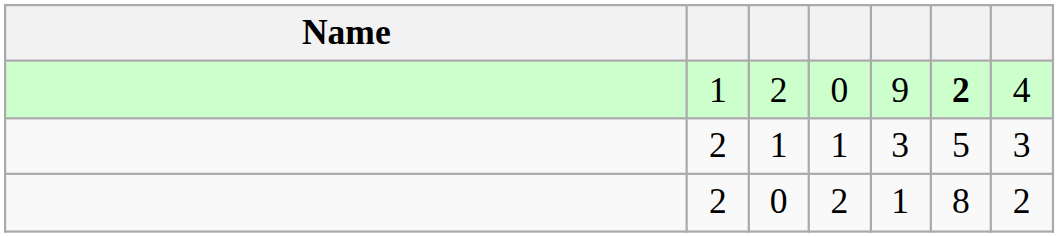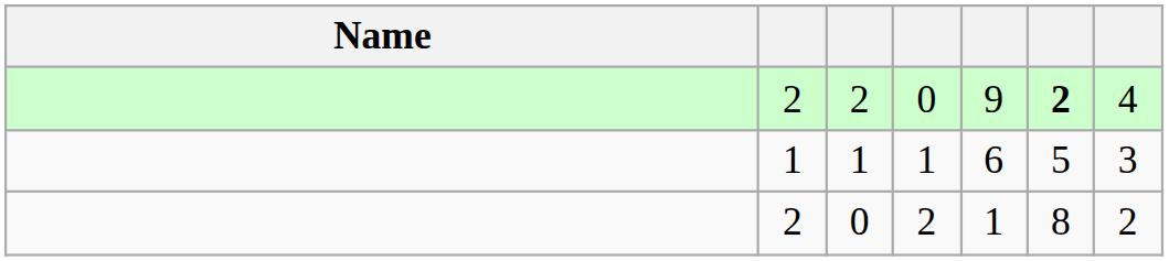 <table class=wikitable style="text-align:center">
 <tr>
 <th width=300>Name</th>
 <th width=20></th>
 <th width=20></th>
 <th width=20></th>
 <th width=20></th>
 <th width=20></th>
 <th width=20></th>
 </tr>
 <tr style="background-color:#ccffcc;">
 <td style="text-align:left;"></td>
-<td>1</td>
+<td>2</td>
 <td>2</td>
 <td>0</td>
 <td>9</td>
 <td><strong>2</strong></td>
 <td>4</td>
 </tr>
 <tr>
 <td style="text-align:left;"></td>
-<td>2</td>
 <td>1</td>
 <td>1</td>
-<td>3</td>
+<td>1</td>
+<td>6</td>
 <td>5</td>
 <td>3</td>
 </tr>
 <tr>
 <td style="text-align:left;"></td>
 <td>2</td>
 <td>0</td>
 <td>2</td>
 <td>1</td>
 <td>8</td>
 <td>2</td>
 </tr>
 </table>
